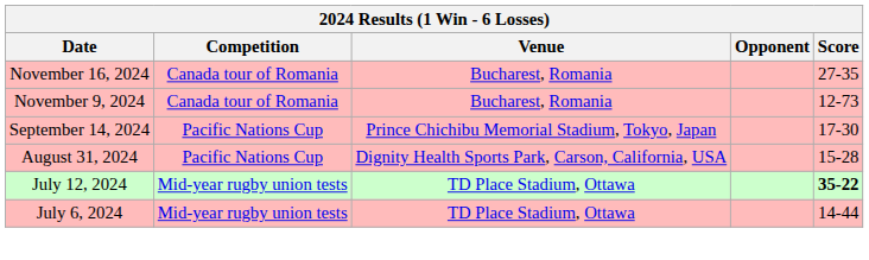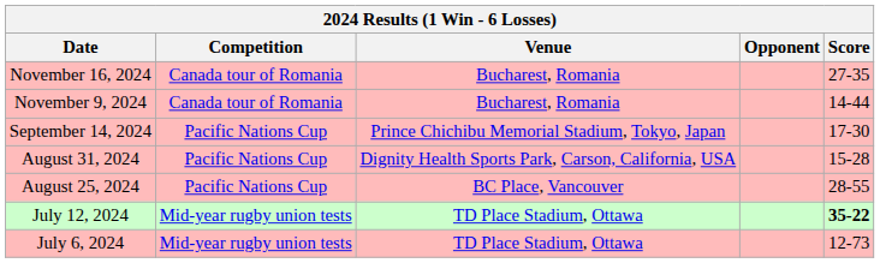 <table class="wikitable sortable">
 <tr>
 <th colspan="5"><strong>2024 Results (1 Win - 6 Losses)</strong></th>
 </tr>
 <tr>
 <th>Date</th>
 <th>Competition</th>
 <th>Venue</th>
 <th>Opponent</th>
 <th>Score</th>
 </tr>
 <tr style="background:#fbb;">
 <td align=center>November 16, 2024</td>
 <td align=center><a href='#'>Canada tour of Romania</a></td>
 <td align=center><a href='#'>Bucharest</a>, <a href='#'>Romania</a></td>
 <td align=center></td>
 <td align=center>27-35</td>
 </tr>
 <tr style="background:#fbb;">
 <td align=center>November 9, 2024</td>
 <td align=center><a href='#'>Canada tour of Romania</a></td>
 <td align=center><a href='#'>Bucharest</a>, <a href='#'>Romania</a></td>
 <td align=center></td>
-<td align=center>12-73</td>
+<td align=center>14-44</td>
 </tr>
 <tr style="background:#fbb;">
 <td align=center>September 14, 2024</td>
 <td align=center><a href='#'>Pacific Nations Cup</a></td>
 <td align=center><a href='#'>Prince Chichibu Memorial Stadium</a>, <a href='#'>Tokyo</a>, <a href='#'>Japan</a></td>
 <td align=center></td>
 <td align=center>17-30</td>
 </tr>
 <tr style="background:#fbb;">
 <td align=center>August 31, 2024</td>
 <td align=center><a href='#'>Pacific Nations Cup</a></td>
 <td align=center><a href='#'>Dignity Health Sports Park</a>, <a href='#'>Carson, California</a>, <a href='#'>USA</a></td>
 <td align=center></td>
 <td align=center>15-28</td>
 </tr>
+<tr style="background:#fbb;">
+<td align=center>August 25, 2024</td>
+<td align=center><a href='#'>Pacific Nations Cup</a></td>
+<td align=center><a href='#'>BC Place</a>, <a href='#'>Vancouver</a></td>
+<td align=center></td>
+<td align=center>28-55</td>
+</tr>
 <tr style="background:#cfc;">
 <td align=center>July 12, 2024</td>
 <td align=center><a href='#'>Mid-year rugby union tests</a></td>
 <td align=center><a href='#'>TD Place Stadium</a>, <a href='#'>Ottawa</a></td>
 <td align=center></td>
 <td align=center><strong>35-22</strong></td>
 </tr>
 <tr style="background:#fbb;">
 <td align=center>July 6, 2024</td>
 <td align=center><a href='#'>Mid-year rugby union tests</a></td>
 <td align=center><a href='#'>TD Place Stadium</a>, <a href='#'>Ottawa</a></td>
 <td align=center></td>
-<td align=center>14-44</td>
+<td align=center>12-73</td>
 </tr>
 </table>
